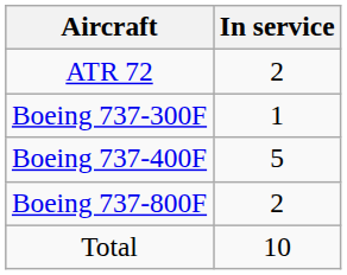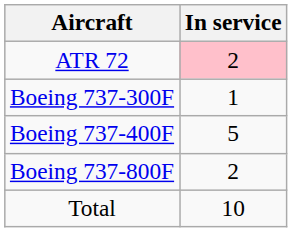 <table class="wikitable" style="text-align:center;margin:1em auto">
 <tr>
 <th rowspan="1">Aircraft</th>
 <th rowspan="1">In service</th>
 </tr>
 <tr>
 <td><a href='#'>ATR 72</a></td>
-<td align="center">2</td>
+<td align="center" style="background: pink;">2</td>
 </tr>
 <tr>
 <td><a href='#'>Boeing 737-300F</a></td>
 <td align="center">1</td>
 </tr>
 <tr>
 <td><a href='#'>Boeing 737-400F</a></td>
 <td align="center">5</td>
 </tr>
 <tr>
 <td><a href='#'>Boeing 737-800F</a></td>
 <td align="center">2</td>
 </tr>
 <tr>
 <td>Total</td>
 <td align="center">10</td>
 </tr>
 </table>
